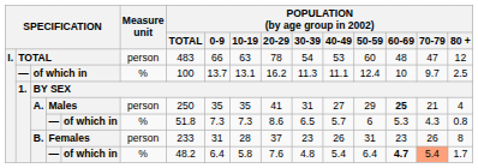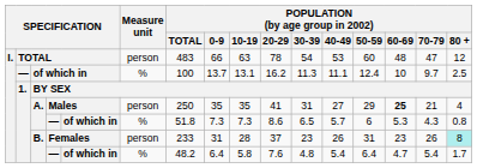 <table class="wikitable" style="font-size:85%; text-align:center">
 <tr>
 <th rowspan="2" colspan="5">SPECIFICATION</th>
 <th rowspan="2">Measure<br> unit</th>
 <th colspan="10" rowspan="1">POPULATION<br> (by age group in 2002)</th>
 </tr>
 <tr>
 <th>TOTAL</th>
 <th>0-9</th>
 <th>10-19</th>
 <th>20-29</th>
 <th>30-39</th>
 <th>40-49</th>
 <th>50-59</th>
 <th>60-69</th>
 <th>70-79</th>
 <th>80 +</th>
 </tr>
 <tr>
 <th style="text-align:left" valign="top" rowspan="7">I.</th>
 <th style="text-align:left" colspan="4">TOTAL</th>
 <td>person</td>
 <td>483</td>
 <td>66</td>
 <td>63</td>
 <td>78</td>
 <td>54</td>
 <td>53</td>
 <td>60</td>
 <td>48</td>
 <td>47</td>
 <td>12</td>
 </tr>
 <tr>
 <th style="text-align:left" valign="top">—</th>
 <th style="text-align:left" colspan="3">of which in</th>
 <td>%</td>
 <td>100</td>
 <td>13.7</td>
 <td>13.1</td>
 <td>16.2</td>
 <td>11.3</td>
 <td>11.1</td>
 <td>12.4</td>
 <td>10</td>
 <td>9.7</td>
 <td>2.5</td>
 </tr>
 <tr>
 <th style="text-align:left" valign="top" rowspan="5">1.</th>
 <th style="text-align:left" colspan="14">BY SEX</th>
 </tr>
 <tr>
 <th style="text-align:left" valign="top" rowspan="2">A.</th>
 <th style="text-align:left" colspan="2">Males</th>
 <td>person</td>
 <td>250</td>
 <td>35</td>
 <td>35</td>
 <td>41</td>
 <td>31</td>
 <td>27</td>
 <td>29</td>
 <td><strong>25</strong></td>
 <td>21</td>
 <td>4</td>
 </tr>
 <tr>
 <th style="text-align:left" valign="top">—</th>
 <th style="text-align:left" colspan="1">of which in</th>
 <td>%</td>
 <td>51.8</td>
 <td>7.3</td>
 <td>7.3</td>
 <td>8.6</td>
 <td>6.5</td>
 <td>5.7</td>
 <td>6</td>
 <td>5.3</td>
 <td>4.3</td>
 <td>0.8</td>
 </tr>
 <tr>
 <th style="text-align:left" valign="top" rowspan="2">B.</th>
 <th style="text-align:left" colspan="2">Females</th>
 <td>person</td>
 <td>233</td>
 <td>31</td>
 <td>28</td>
 <td>37</td>
 <td>23</td>
 <td>26</td>
 <td>31</td>
 <td>23</td>
 <td>26</td>
-<td>8</td>
+<td style="background: paleturquoise;">8</td>
 </tr>
 <tr>
 <th style="text-align:left" valign="top">—</th>
 <th style="text-align:left" colspan="1">of which in</th>
 <td>%</td>
 <td>48.2</td>
 <td>6.4</td>
 <td>5.8</td>
 <td>7.6</td>
 <td>4.8</td>
 <td>5.4</td>
 <td>6.4</td>
-<td><strong>4.7</strong></td>
-<td style="background: lightsalmon;">5.4</td>
+<td>4.7</td>
+<td>5.4</td>
 <td>1.7</td>
 </tr>
 </table>
